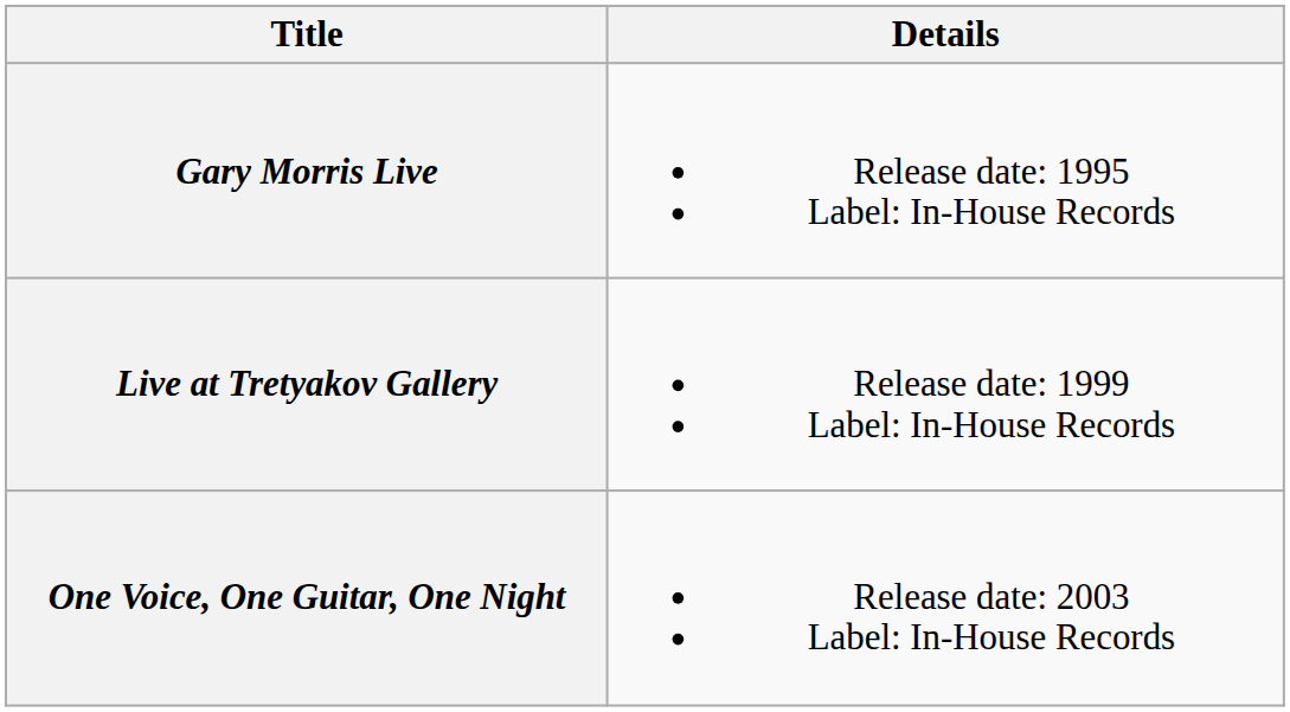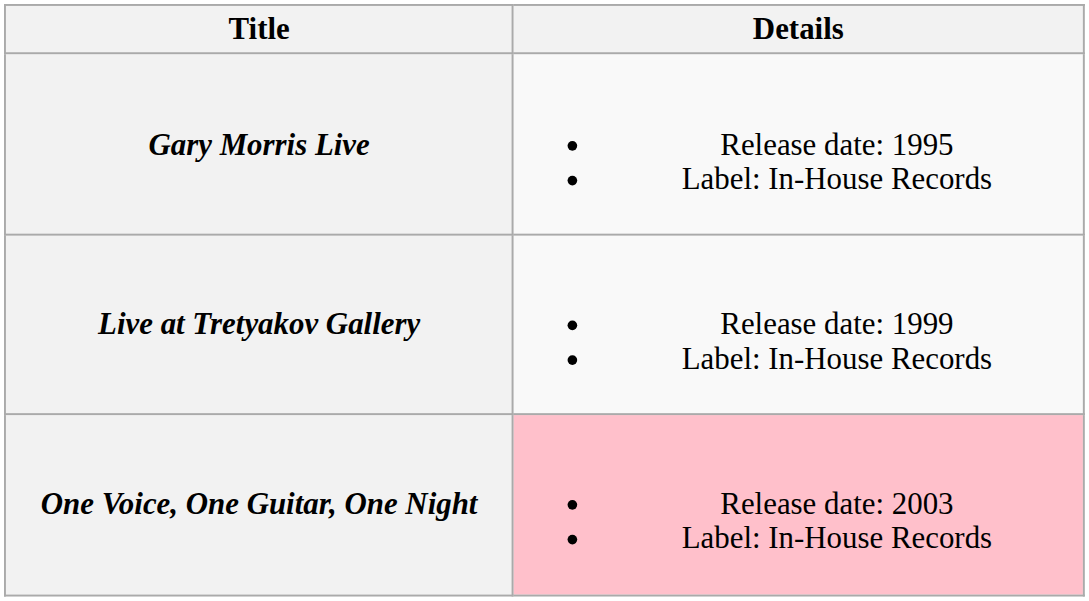 <table class="wikitable plainrowheaders" style="text-align:center;">
 <tr>
 <th style="width:16em;">Title</th>
 <th style="width:18em;">Details</th>
 </tr>
 <tr>
 <th scope="row"><em>Gary Morris Live</em></th>
 <td><br><ul><li>Release date: 1995</li><li>Label: In-House Records</li></ul></td>
 </tr>
 <tr>
 <th scope="row"><em>Live at Tretyakov Gallery</em></th>
 <td><br><ul><li>Release date: 1999</li><li>Label: In-House Records</li></ul></td>
 </tr>
 <tr>
 <th scope="row"><em>One Voice, One Guitar, One Night</em></th>
-<td><br><ul><li>Release date: 2003</li><li>Label: In-House Records</li></ul></td>
+<td style="background: pink;"><br><ul><li>Release date: 2003</li><li>Label: In-House Records</li></ul></td>
 </tr>
 </table>
